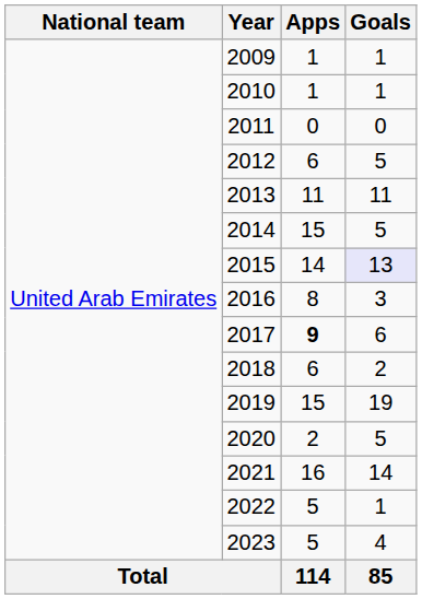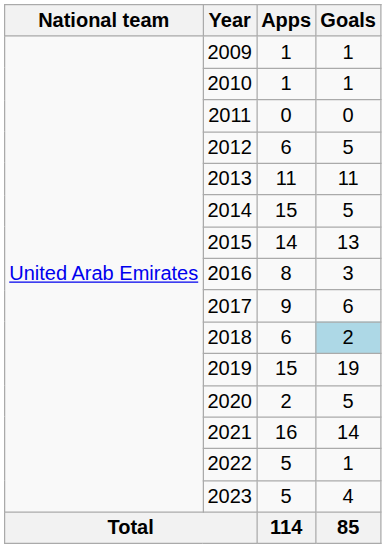 <table class="wikitable" style="text-align:center">
 <tr>
 <th>National team</th>
 <th>Year</th>
 <th>Apps</th>
 <th>Goals</th>
 </tr>
 <tr>
 <td rowspan="15"><a href='#'>United Arab Emirates</a></td>
 <td>2009</td>
 <td>1</td>
 <td>1</td>
 </tr>
 <tr>
 <td>2010</td>
 <td>1</td>
 <td>1</td>
 </tr>
 <tr>
 <td>2011</td>
 <td>0</td>
 <td>0</td>
 </tr>
 <tr>
 <td>2012</td>
 <td>6</td>
 <td>5</td>
 </tr>
 <tr>
 <td>2013</td>
 <td>11</td>
 <td>11</td>
 </tr>
 <tr>
 <td>2014</td>
 <td>15</td>
 <td>5</td>
 </tr>
 <tr>
 <td>2015</td>
 <td>14</td>
-<td style="background: lavender;">13</td>
+<td>13</td>
 </tr>
 <tr>
 <td>2016</td>
 <td>8</td>
 <td>3</td>
 </tr>
 <tr>
 <td>2017</td>
-<td><strong>9</strong></td>
+<td>9</td>
 <td>6</td>
 </tr>
 <tr>
 <td>2018</td>
 <td>6</td>
-<td>2</td>
+<td style="background: lightblue;">2</td>
 </tr>
 <tr>
 <td>2019</td>
 <td>15</td>
 <td>19</td>
 </tr>
 <tr>
 <td>2020</td>
 <td>2</td>
 <td>5</td>
 </tr>
 <tr>
 <td>2021</td>
 <td>16</td>
 <td>14</td>
 </tr>
 <tr>
 <td>2022</td>
 <td>5</td>
 <td>1</td>
 </tr>
 <tr>
 <td>2023</td>
 <td>5</td>
 <td>4</td>
 </tr>
 <tr>
 <th colspan="2">Total</th>
 <th>114</th>
 <th>85</th>
 </tr>
 </table>
